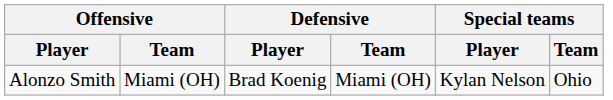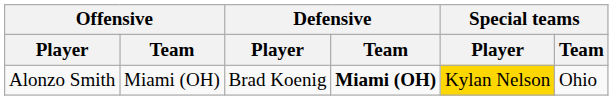 <table class="wikitable" style="display: inline-table;">
 <tr>
 <th colspan="2">Offensive</th>
 <th colspan="2">Defensive</th>
 <th colspan="2">Special teams</th>
 </tr>
 <tr>
 <th>Player</th>
 <th>Team</th>
 <th>Player</th>
 <th>Team</th>
 <th>Player</th>
 <th>Team</th>
 </tr>
 <tr>
 <td>Alonzo Smith</td>
 <td>Miami (OH)</td>
 <td>Brad Koenig</td>
-<td>Miami (OH)</td>
-<td>Kylan Nelson</td>
+<td><strong>Miami (OH)</strong></td>
+<td style="background: gold;">Kylan Nelson</td>
 <td>Ohio</td>
 </tr>
 </table>
